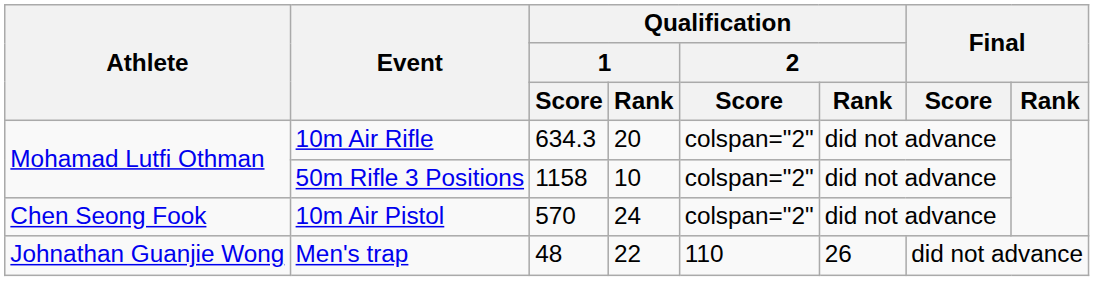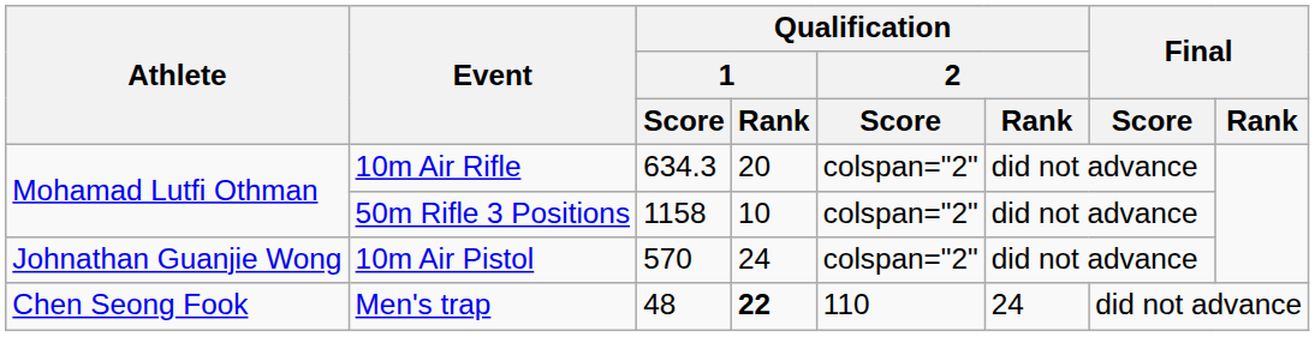 <table class="wikitable">
 <tr>
 <th rowspan="3">Athlete</th>
 <th rowspan="3">Event</th>
 <th colspan="4">Qualification</th>
 <th colspan="2" rowspan="2">Final</th>
 </tr>
 <tr>
 <th colspan="2">1</th>
 <th colspan="2">2</th>
 </tr>
 <tr>
 <th>Score</th>
 <th>Rank</th>
 <th>Score</th>
 <th>Rank</th>
 <th>Score</th>
 <th>Rank</th>
 </tr>
 <tr>
 <td rowspan="2"><a href='#'>Mohamad Lutfi Othman</a></td>
 <td><a href='#'>10m Air Rifle</a></td>
 <td>634.3</td>
 <td>20</td>
 <td>colspan="2"  </td>
 <td colspan="2">did not advance</td>
 </tr>
 <tr>
 <td><a href='#'>50m Rifle 3 Positions</a></td>
 <td>1158</td>
 <td>10</td>
 <td>colspan="2"  </td>
 <td colspan="2">did not advance</td>
 </tr>
 <tr>
-<td><a href='#'>Chen Seong Fook</a></td>
+<td><a href='#'>Johnathan Guanjie Wong</a></td>
 <td><a href='#'>10m Air Pistol</a></td>
 <td>570</td>
 <td>24</td>
 <td>colspan="2"  </td>
 <td colspan="2">did not advance</td>
 </tr>
 <tr>
-<td><a href='#'>Johnathan Guanjie Wong</a></td>
+<td><a href='#'>Chen Seong Fook</a></td>
 <td><a href='#'>Men's trap</a></td>
 <td>48</td>
-<td>22</td>
+<td><strong>22</strong></td>
 <td>110</td>
-<td>26</td>
+<td>24</td>
 <td colspan="2">did not advance</td>
 </tr>
 </table>
